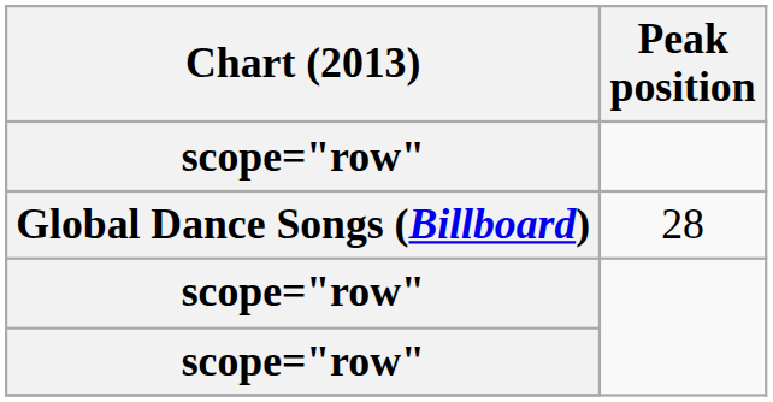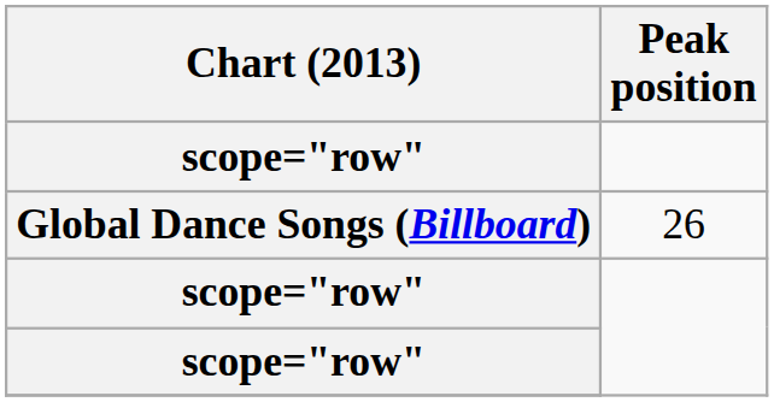 <table class="wikitable plainrowheaders sortable">
 <tr>
 <th scope="col">Chart (2013)</th>
 <th scope="col">Peak<br>position</th>
 </tr>
 <tr>
 <th>scope="row"</th>
 </tr>
 <tr>
 <th scope="row">Global Dance Songs (<em><a href='#'>Billboard</a></em>)</th>
-<td align="center">28</td>
+<td align="center">26</td>
 </tr>
 <tr>
 <th>scope="row"</th>
 </tr>
 <tr>
 <th>scope="row"</th>
 </tr>
 <tr>
 </tr>
 </table>
